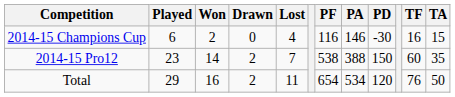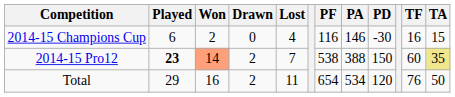 <table class="wikitable">
 <tr>
 <th>Competition</th>
 <th>Played</th>
 <th>Won</th>
 <th>Drawn</th>
 <th>Lost</th>
 <th rowspan="4"></th>
 <th>PF</th>
 <th>PA</th>
 <th>PD</th>
 <th rowspan="4"></th>
 <th>TF</th>
 <th>TA</th>
 </tr>
 <tr align=center>
 <td><a href='#'>2014-15 Champions Cup</a></td>
 <td>6</td>
 <td>2</td>
 <td>0</td>
 <td>4</td>
 <td>116</td>
 <td>146</td>
 <td>-30</td>
 <td>16</td>
 <td>15</td>
 </tr>
 <tr align=center>
 <td><a href='#'>2014-15 Pro12</a></td>
-<td>23</td>
-<td>14</td>
+<td><strong>23</strong></td>
+<td style="background: lightsalmon;">14</td>
 <td>2</td>
 <td>7</td>
 <td>538</td>
 <td>388</td>
 <td>150</td>
 <td>60</td>
-<td>35</td>
+<td style="background: khaki;">35</td>
 </tr>
 <tr align=center>
 <td>Total</td>
 <td>29</td>
 <td>16</td>
 <td>2</td>
 <td>11</td>
 <td>654</td>
 <td>534</td>
 <td>120</td>
 <td>76</td>
 <td>50</td>
 </tr>
 </table>
